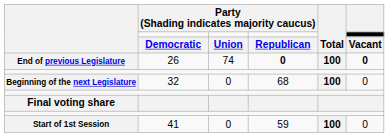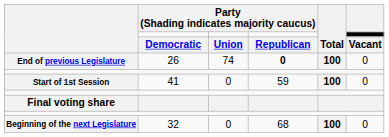 <table class=wikitable style="text-align:center">
 <tr style="vertical-align:bottom;">
 <th rowspan=3></th>
 <th colspan=3>Party <div>(Shading indicates majority caucus)</div></th>
 <th rowspan=3>Total</th>
 <th></th>
 </tr>
 <tr style="height:5px">
 <td style="background-color:"></td>
 <td style="background-color:"></td>
 <td style="background-color:"></td>
 <td style="background:black;"></td>
 </tr>
 <tr>
 <th><a href='#'>Democratic</a></th>
 <th><a href='#'>Union</a></th>
 <th><a href='#'>Republican</a></th>
 <th>Vacant</th>
 </tr>
 <tr>
 <th style="font-size:80%;">End of <a href='#'>previous Legislature</a></th>
 <td>26</td>
 <td>74</td>
 <td><strong>0</strong></td>
 <th>100</th>
-<td><strong>0</strong></td>
+<td>0</td>
 </tr>
 <tr>
 <td colspan=6></td>
 </tr>
 <tr>
-<th style="font-size:80%;">Beginning of the <a href='#'>next Legislature</a></th>
-<td>32</td>
+<th style="font-size:80%;">Start of 1st Session</th>
+<td>41</td>
 <td>0</td>
-<td>68</td>
+<td>59</td>
 <th>100</th>
 <td>0</td>
 </tr>
 <tr>
 <td colspan=6></td>
 </tr>
 <tr>
 <th>Final voting share</th>
 <th></th>
 <th></th>
 <th></th>
 <th colspan=2></th>
 </tr>
 <tr>
 <td colspan=6></td>
 </tr>
 <tr>
-<th style="font-size:80%;">Start of 1st Session</th>
-<td>41</td>
+<th style="font-size:80%;">Beginning of the <a href='#'>next Legislature</a></th>
+<td>32</td>
 <td>0</td>
-<td>59</td>
+<td>68</td>
 <th>100</th>
 <td>0</td>
 </tr>
 </table>
